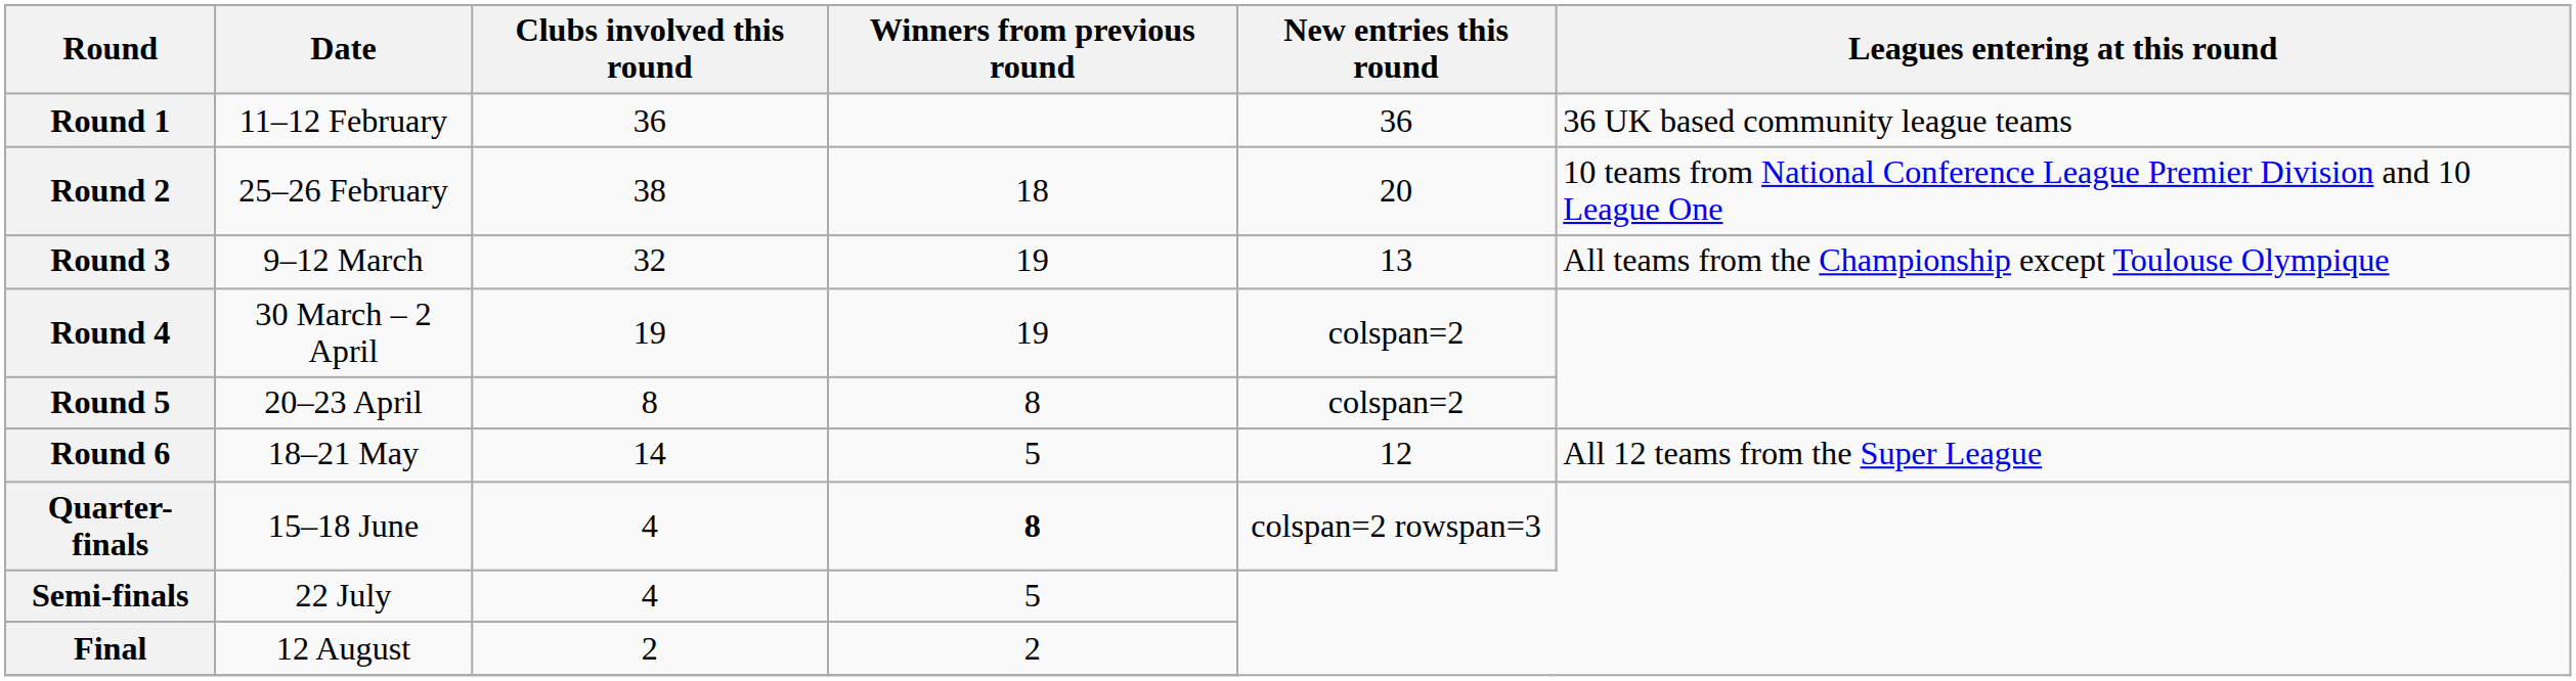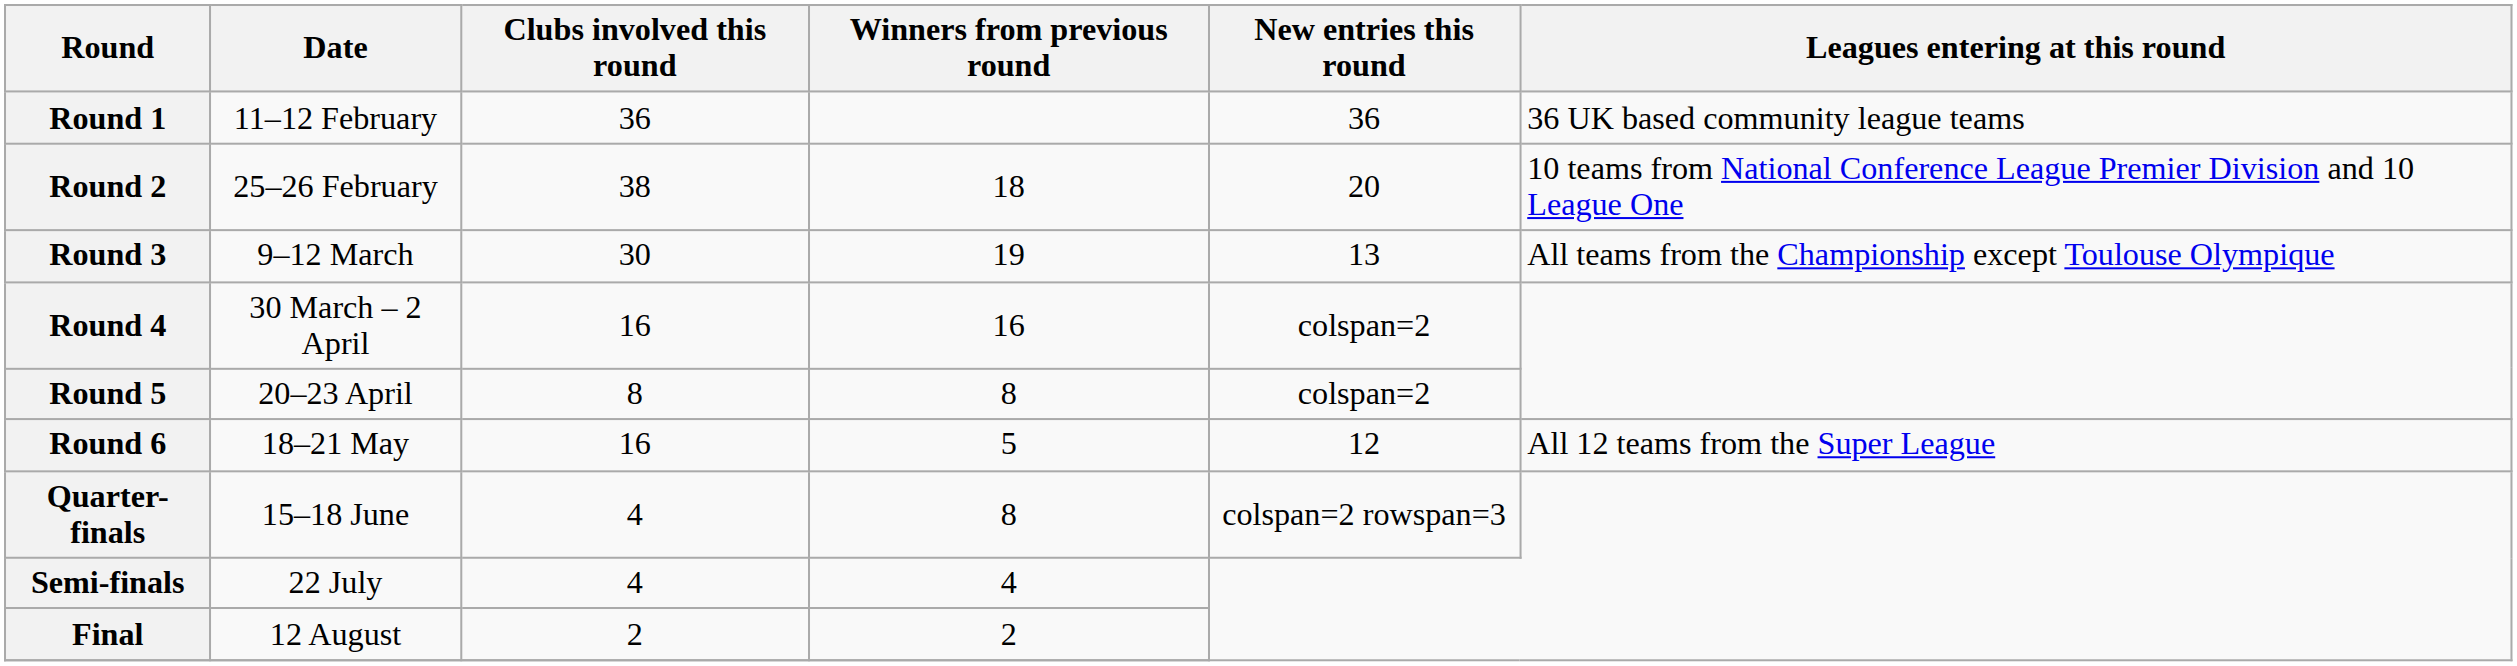 <table class="wikitable plainrowheaders" style="text-align:center;">
 <tr>
 <th scope="col">Round</th>
 <th scope="col">Date</th>
 <th scope="col">Clubs involved this round</th>
 <th scope="col">Winners from previous round</th>
 <th scope="col">New entries this round</th>
 <th scope="col">Leagues entering at this round</th>
 </tr>
 <tr>
 <th scope="row" style="text-align:center;">Round 1</th>
 <td>11–12 February</td>
 <td>36</td>
 <td></td>
 <td>36</td>
 <td style="text-align: left;">36 UK based community league teams</td>
 </tr>
 <tr>
 <th scope="row" style="text-align:center;">Round 2</th>
 <td>25–26 February</td>
 <td>38</td>
 <td>18</td>
 <td>20</td>
 <td style="text-align: left;">10 teams from <a href='#'>National Conference League Premier Division</a> and 10 <a href='#'>League One</a></td>
 </tr>
 <tr>
 <th scope="row" style="text-align:center;">Round 3</th>
 <td>9–12 March</td>
-<td>32</td>
+<td>30</td>
 <td>19</td>
 <td>13</td>
 <td style="text-align: left;">All teams from the <a href='#'>Championship</a> except <a href='#'>Toulouse Olympique</a></td>
 </tr>
 <tr>
 <th scope="row" style="text-align:center;">Round 4</th>
 <td>30 March – 2 April</td>
-<td>19</td>
-<td>19</td>
+<td>16</td>
+<td>16</td>
 <td>colspan=2</td>
 </tr>
 <tr>
 <th scope="row" style="text-align:center;">Round 5</th>
 <td>20–23 April</td>
 <td>8</td>
 <td>8</td>
 <td>colspan=2</td>
 </tr>
 <tr>
 <th scope="row" style="text-align:center;">Round 6</th>
 <td>18–21 May</td>
-<td>14</td>
+<td>16</td>
 <td>5</td>
 <td>12</td>
 <td style="text-align: left;">All 12 teams from the <a href='#'>Super League</a></td>
 </tr>
 <tr>
 <th scope="row" style="text-align:center;">Quarter-finals</th>
 <td>15–18 June</td>
 <td>4</td>
-<td><strong>8</strong></td>
+<td>8</td>
 <td>colspan=2 rowspan=3</td>
 </tr>
 <tr>
 <th scope="row" style="text-align:center;">Semi-finals</th>
 <td>22 July</td>
 <td>4</td>
-<td>5</td>
+<td>4</td>
 </tr>
 <tr>
 <th scope="row" style="text-align:center;">Final</th>
 <td>12 August</td>
 <td>2</td>
 <td>2</td>
 </tr>
 <tr>
 </tr>
 </table>
